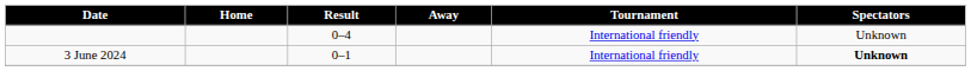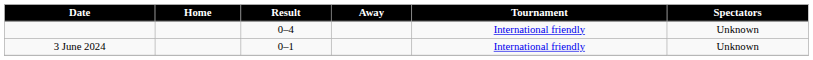 <table class="wikitable" style="text-align:left; width:95%;" style="text-align:center">
 <tr>
 <th style="text-align:center; background:#000000; color:#FFFFFF; ">Date</th>
 <th style="text-align:center; background:#000000; color:#FFFFFF; ">Home</th>
 <th style="text-align:center; background:#000000; color:#FFFFFF; ">Result</th>
 <th style="text-align:center;background:#000000; color:#FFFFFF; ">Away</th>
 <th style="text-align:center; background:#000000; color:#FFFFFF; ">Tournament</th>
 <th style="text-align:center; background:#000000; color:#FFFFFF; ">Spectators</th>
 </tr>
 <tr>
 <td style="text-align:center;"></td>
 <td align="left"><strong></strong></td>
 <td style="text-align:center;">0–4</td>
 <td align=left></td>
 <td style="text-align:center;"><a href='#'>International friendly</a></td>
 <td style="text-align:center;">Unknown</td>
 </tr>
 <tr>
 <td style="text-align:center;">3 June 2024</td>
 <td align="left"><strong></strong></td>
 <td style="text-align:center;">0–1</td>
 <td align=left></td>
 <td style="text-align:center;"><a href='#'>International friendly</a></td>
-<td style="text-align:center;"><strong>Unknown</strong></td>
+<td style="text-align:center;">Unknown</td>
 </tr>
 <tr>
 </tr>
 </table>
